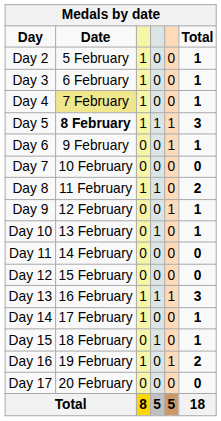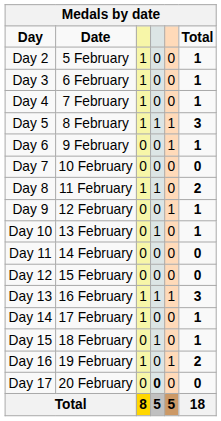 <table class=wikitable style="font-size:85%;float:right">
 <tr bgcolor=efefef>
 <th colspan=6>Medals by date</th>
 </tr>
 <tr align=center>
 <td><strong>Day</strong></td>
 <td><strong>Date</strong></td>
 <td bgcolor=#f7f6a8></td>
 <td bgcolor=#dce5e5></td>
 <td bgcolor=#ffdab9></td>
 <td><strong>Total</strong></td>
 </tr>
 <tr align=center>
 <td>Day 2</td>
 <td>5 February</td>
 <td bgcolor=F7F6A8>1</td>
 <td bgcolor=DCE5E5>0</td>
 <td bgcolor=FFDAB9>0</td>
 <td><strong>1</strong></td>
 </tr>
 <tr align=center>
 <td>Day 3</td>
 <td>6 February</td>
 <td bgcolor=F7F6A8>1</td>
 <td bgcolor=DCE5E5>0</td>
 <td bgcolor=FFDAB9>0</td>
 <td><strong>1</strong></td>
 </tr>
 <tr align=center>
 <td>Day 4</td>
-<td style="background: khaki;">7 February</td>
+<td>7 February</td>
 <td bgcolor=F7F6A8>1</td>
 <td bgcolor=DCE5E5>0</td>
 <td bgcolor=FFDAB9>0</td>
 <td><strong>1</strong></td>
 </tr>
 <tr align=center>
 <td>Day 5</td>
-<td><strong>8 February</strong></td>
+<td>8 February</td>
 <td bgcolor=F7F6A8>1</td>
 <td bgcolor=DCE5E5>1</td>
 <td bgcolor=FFDAB9>1</td>
 <td><strong>3</strong></td>
 </tr>
 <tr align=center>
 <td>Day 6</td>
 <td>9 February</td>
 <td bgcolor=F7F6A8>0</td>
 <td bgcolor=DCE5E5>0</td>
 <td bgcolor=FFDAB9>1</td>
 <td><strong>1</strong></td>
 </tr>
 <tr align=center>
 <td>Day 7</td>
 <td>10 February</td>
 <td bgcolor=F7F6A8>0</td>
 <td bgcolor=DCE5E5>0</td>
 <td bgcolor=FFDAB9>0</td>
 <td><strong>0</strong></td>
 </tr>
 <tr align=center>
 <td>Day 8</td>
 <td>11 February</td>
 <td bgcolor=F7F6A8>1</td>
 <td bgcolor=DCE5E5>1</td>
 <td bgcolor=FFDAB9>0</td>
 <td><strong>2</strong></td>
 </tr>
 <tr align=center>
 <td>Day 9</td>
 <td>12 February</td>
 <td bgcolor=F7F6A8>0</td>
 <td bgcolor=DCE5E5>0</td>
 <td bgcolor=FFDAB9>1</td>
 <td><strong>1</strong></td>
 </tr>
 <tr align=center>
 <td>Day 10</td>
 <td>13 February</td>
 <td bgcolor=F7F6A8>0</td>
 <td bgcolor=DCE5E5>1</td>
 <td bgcolor=FFDAB9>0</td>
 <td><strong>1</strong></td>
 </tr>
 <tr align=center>
 <td>Day 11</td>
 <td>14 February</td>
 <td bgcolor=F7F6A8>0</td>
 <td bgcolor=DCE5E5>0</td>
 <td bgcolor=FFDAB9>0</td>
 <td><strong>0</strong></td>
 </tr>
 <tr align=center>
 <td>Day 12</td>
 <td>15 February</td>
 <td bgcolor=F7F6A8>0</td>
 <td bgcolor=DCE5E5>0</td>
 <td bgcolor=FFDAB9>0</td>
 <td><strong>0</strong></td>
 </tr>
 <tr align=center>
 <td>Day 13</td>
 <td>16 February</td>
 <td bgcolor=F7F6A8>1</td>
 <td bgcolor=DCE5E5>1</td>
 <td bgcolor=FFDAB9>1</td>
 <td><strong>3</strong></td>
 </tr>
 <tr align=center>
 <td>Day 14</td>
 <td>17 February</td>
 <td bgcolor=F7F6A8>1</td>
 <td bgcolor=DCE5E5>0</td>
 <td bgcolor=FFDAB9>0</td>
 <td><strong>1</strong></td>
 </tr>
 <tr align=center>
 <td>Day 15</td>
 <td>18 February</td>
 <td bgcolor=F7F6A8>0</td>
 <td bgcolor=DCE5E5>1</td>
 <td bgcolor=FFDAB9>0</td>
 <td><strong>1</strong></td>
 </tr>
 <tr align=center>
 <td>Day 16</td>
 <td>19 February</td>
 <td bgcolor=F7F6A8>1</td>
 <td bgcolor=DCE5E5>0</td>
 <td bgcolor=FFDAB9>1</td>
 <td><strong>2</strong></td>
 </tr>
 <tr align=center>
 <td>Day 17</td>
 <td>20 February</td>
 <td bgcolor=F7F6A8>0</td>
-<td bgcolor=DCE5E5>0</td>
+<td bgcolor=DCE5E5><strong>0</strong></td>
 <td bgcolor=FFDAB9>0</td>
 <td><strong>0</strong></td>
 </tr>
 <tr>
 <th colspan=2>Total</th>
 <th style="background:gold;">8</th>
 <th style="background:silver;">5</th>
 <th style="background:#c96;">5</th>
 <th>18</th>
 </tr>
 </table>
